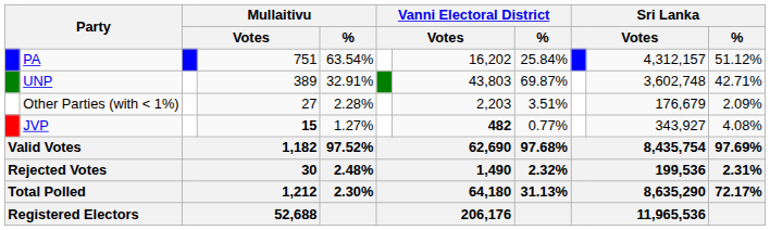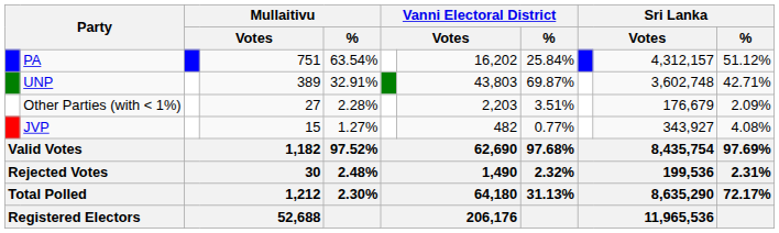 <table class="wikitable">
 <tr>
 <th colspan="2" width="144px"rowspan="2">Party</th>
 <th colspan="3" width="216px">Mullaitivu</th>
 <th colspan="3" width="216px"><a href='#'>Vanni Electoral District</a></th>
 <th colspan="3" width="216px">Sri Lanka</th>
 </tr>
 <tr>
 <th colspan="2" width="144px">Votes</th>
 <th>%</th>
 <th colspan="2" width="144px">Votes</th>
 <th>%</th>
 <th colspan="2" width="144px">Votes</th>
 <th>%</th>
 </tr>
 <tr>
 <td style="background-color:blue;" width="10px"></td>
 <td style="text-align:left;"><a href='#'>PA</a></td>
 <td style="background-color:blue;" width="10px"></td>
 <td style="text-align:right;">751</td>
 <td style="text-align:right;">63.54%</td>
 <td style="background-color:white;" width="10px"></td>
 <td style="text-align:right;">16,202</td>
 <td style="text-align:right;">25.84%</td>
 <td style="background-color:blue;" width="10px"></td>
 <td style="text-align:right;">4,312,157</td>
 <td style="text-align:right;">51.12%</td>
 </tr>
 <tr>
 <td style="background-color:green;" width="10px"></td>
 <td style="text-align:left;"><a href='#'>UNP</a></td>
 <td style="background-color:white;" width="10px"></td>
 <td style="text-align:right;">389</td>
 <td style="text-align:right;">32.91%</td>
 <td style="background-color:green;" width="10px"></td>
 <td style="text-align:right;">43,803</td>
 <td style="text-align:right;">69.87%</td>
 <td style="background-color:white;" width="10px"></td>
 <td style="text-align:right;">3,602,748</td>
 <td style="text-align:right;">42.71%</td>
 </tr>
 <tr>
 <td style="background-color:white;" width="10px"></td>
 <td style="text-align:left;">Other Parties (with < 1%)</td>
 <td style="background-color:white;" width="10px"></td>
 <td style="text-align:right;">27</td>
 <td style="text-align:right;">2.28%</td>
 <td style="background-color:white;" width="10px"></td>
 <td style="text-align:right;">2,203</td>
 <td style="text-align:right;">3.51%</td>
 <td style="background-color:white;" width="10px"></td>
 <td style="text-align:right;">176,679</td>
 <td style="text-align:right;">2.09%</td>
 </tr>
 <tr>
 <td style="background-color:red;" width="10px"></td>
 <td style="text-align:left;"><a href='#'>JVP</a></td>
 <td style="background-color:white;" width="10px"></td>
-<td style="text-align:right;"><strong>15</strong></td>
+<td style="text-align:right;">15</td>
 <td style="text-align:right;">1.27%</td>
 <td style="background-color:white;" width="10px"></td>
-<td style="text-align:right;"><strong>482</strong></td>
+<td style="text-align:right;">482</td>
 <td style="text-align:right;">0.77%</td>
 <td style="background-color:white;" width="10px"></td>
 <td style="text-align:right;">343,927</td>
 <td style="text-align:right;">4.08%</td>
 </tr>
 <tr>
 <th colspan="2" width="144px"style="text-align:left;">Valid Votes</th>
 <th style="text-align:right;"colspan="2" width="144px">1,182</th>
 <th style="text-align:right;">97.52%</th>
 <th style="text-align:right;"colspan="2" width="144px">62,690</th>
 <th style="text-align:right;">97.68%</th>
 <th style="text-align:right;"colspan="2" width="144px">8,435,754</th>
 <th style="text-align:right;">97.69%</th>
 </tr>
 <tr>
 <th colspan="2" width="144px"style="text-align:left;">Rejected Votes</th>
 <th style="text-align:right;"colspan="2" width="144px">30</th>
 <th style="text-align:right;">2.48%</th>
 <th style="text-align:right;"colspan="2" width="144px">1,490</th>
 <th style="text-align:right;">2.32%</th>
 <th style="text-align:right;"colspan="2" width="144px">199,536</th>
 <th style="text-align:right;">2.31%</th>
 </tr>
 <tr>
 <th colspan="2" width="144px"style="text-align:left;">Total Polled</th>
 <th style="text-align:right;"colspan="2" width="144px">1,212</th>
 <th style="text-align:right;">2.30%</th>
 <th style="text-align:right;"colspan="2" width="144px">64,180</th>
 <th style="text-align:right;">31.13%</th>
 <th style="text-align:right;"colspan="2" width="144px">8,635,290</th>
 <th style="text-align:right;">72.17%</th>
 </tr>
 <tr>
 <th colspan="2" width="144px"style="text-align:left;">Registered Electors</th>
 <th style="text-align:right;"colspan="2" width="144px">52,688</th>
 <th></th>
 <th style="text-align:right;"colspan="2" width="144px">206,176</th>
 <th></th>
 <th style="text-align:right;"colspan="2" width="144px">11,965,536</th>
 <th></th>
 </tr>
 </table>
